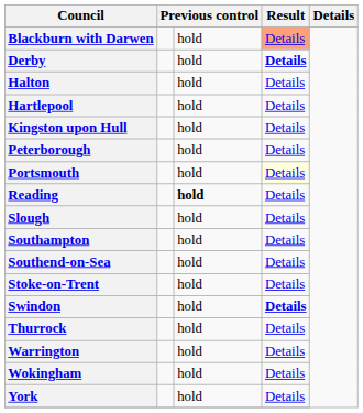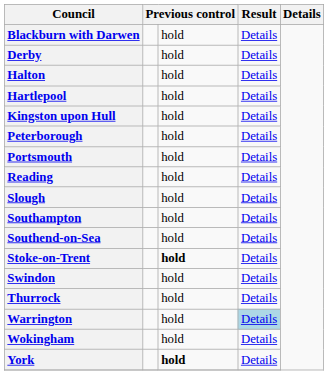 <table class="wikitable sortable" border="1">
 <tr>
 <th scope="col">Council</th>
 <th colspan=2>Previous control</th>
 <th colspan=2>Result</th>
 <th class="unsortable" scope="col">Details</th>
 </tr>
 <tr>
 <th scope="row" style="text-align: left;"><a href='#'>Blackburn with Darwen</a></th>
 <td></td>
 <td> hold</td>
-<td style="background: lightsalmon;"><a href='#'>Details</a></td>
+<td><a href='#'>Details</a></td>
 </tr>
 <tr>
 <th scope="row" style="text-align: left;"><a href='#'>Derby</a></th>
 <td></td>
 <td> hold</td>
-<td><strong><a href='#'>Details</a></strong></td>
+<td><a href='#'>Details</a></td>
 </tr>
 <tr>
 <th scope="row" style="text-align: left;"><a href='#'>Halton</a></th>
 <td></td>
 <td> hold</td>
 <td><a href='#'>Details</a></td>
 </tr>
 <tr>
 <th scope="row" style="text-align: left;"><a href='#'>Hartlepool</a></th>
 <td></td>
 <td> hold</td>
 <td><a href='#'>Details</a></td>
 </tr>
 <tr>
 <th scope="row" style="text-align: left;"><a href='#'>Kingston upon Hull</a></th>
 <td></td>
 <td> hold</td>
 <td><a href='#'>Details</a></td>
 </tr>
 <tr>
 <th scope="row" style="text-align: left;"><a href='#'>Peterborough</a></th>
 <td></td>
 <td> hold</td>
 <td><a href='#'>Details</a></td>
 </tr>
 <tr>
 <th scope="row" style="text-align: left;"><a href='#'>Portsmouth</a></th>
 <td></td>
 <td> hold</td>
-<td style="background: lightyellow;"><a href='#'>Details</a></td>
+<td><a href='#'>Details</a></td>
 </tr>
 <tr>
 <th scope="row" style="text-align: left;"><a href='#'>Reading</a></th>
 <td></td>
-<td><strong> hold</strong></td>
+<td> hold</td>
 <td><a href='#'>Details</a></td>
 </tr>
 <tr>
 <th scope="row" style="text-align: left;"><a href='#'>Slough</a></th>
 <td></td>
 <td> hold</td>
 <td><a href='#'>Details</a></td>
 </tr>
 <tr>
 <th scope="row" style="text-align: left;"><a href='#'>Southampton</a></th>
 <td></td>
 <td> hold</td>
 <td><a href='#'>Details</a></td>
 </tr>
 <tr>
 <th scope="row" style="text-align: left;"><a href='#'>Southend-on-Sea</a></th>
 <td></td>
 <td> hold</td>
 <td><a href='#'>Details</a></td>
 </tr>
 <tr>
 <th scope="row" style="text-align: left;"><a href='#'>Stoke-on-Trent</a></th>
 <td></td>
-<td> hold</td>
+<td><strong> hold</strong></td>
 <td><a href='#'>Details</a></td>
 </tr>
 <tr>
 <th scope="row" style="text-align: left;"><a href='#'>Swindon</a></th>
 <td></td>
 <td> hold</td>
-<td><strong><a href='#'>Details</a></strong></td>
+<td><a href='#'>Details</a></td>
 </tr>
 <tr>
 <th scope="row" style="text-align: left;"><a href='#'>Thurrock</a></th>
 <td></td>
 <td> hold</td>
 <td><a href='#'>Details</a></td>
 </tr>
 <tr>
 <th scope="row" style="text-align: left;"><a href='#'>Warrington</a></th>
 <td></td>
 <td> hold</td>
-<td><a href='#'>Details</a></td>
+<td style="background: lightblue;"><a href='#'>Details</a></td>
 </tr>
 <tr>
 <th scope="row" style="text-align: left;"><a href='#'>Wokingham</a></th>
 <td></td>
 <td> hold</td>
 <td><a href='#'>Details</a></td>
 </tr>
 <tr>
 <th scope="row" style="text-align: left;"><a href='#'>York</a></th>
 <td></td>
-<td> hold</td>
+<td><strong> hold</strong></td>
 <td><a href='#'>Details</a></td>
 </tr>
 <tr>
 </tr>
 </table>
